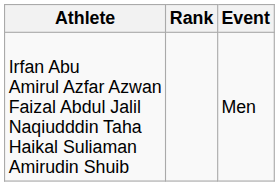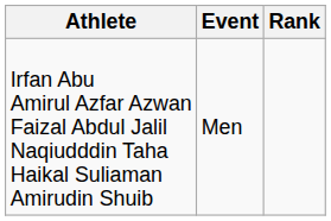 <table class="wikitable">
 <tr>
 <th>Athlete</th>
+<th>Event</th>
 <th>Rank</th>
-<th>Event</th>
 </tr>
 <tr>
 <td><br>Irfan Abu<br>Amirul Azfar Azwan<br>Faizal Abdul Jalil<br>Naqiudddin Taha<br>Haikal Suliaman<br>Amirudin Shuib</td>
+<td>Men</td>
 <td></td>
-<td>Men</td>
 </tr>
 </table>
